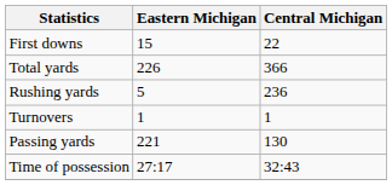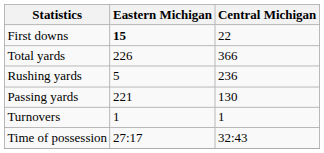 <table class="wikitable">
 <tr>
 <th>Statistics</th>
 <th>Eastern Michigan</th>
 <th>Central Michigan</th>
 </tr>
 <tr>
 <td>First downs</td>
-<td>15</td>
+<td><strong>15</strong></td>
 <td>22</td>
 </tr>
 <tr>
 <td>Total yards</td>
 <td>226</td>
 <td>366</td>
 </tr>
 <tr>
 <td>Rushing yards</td>
 <td>5</td>
 <td>236</td>
 </tr>
 <tr>
+<td>Passing yards</td>
+<td>221</td>
+<td>130</td>
+</tr>
+<tr>
 <td>Turnovers</td>
 <td>1</td>
 <td>1</td>
-</tr>
-<tr>
-<td>Passing yards</td>
-<td>221</td>
-<td>130</td>
 </tr>
 <tr>
 <td>Time of possession</td>
 <td>27:17</td>
 <td>32:43</td>
 </tr>
 <tr>
 </tr>
 </table>
